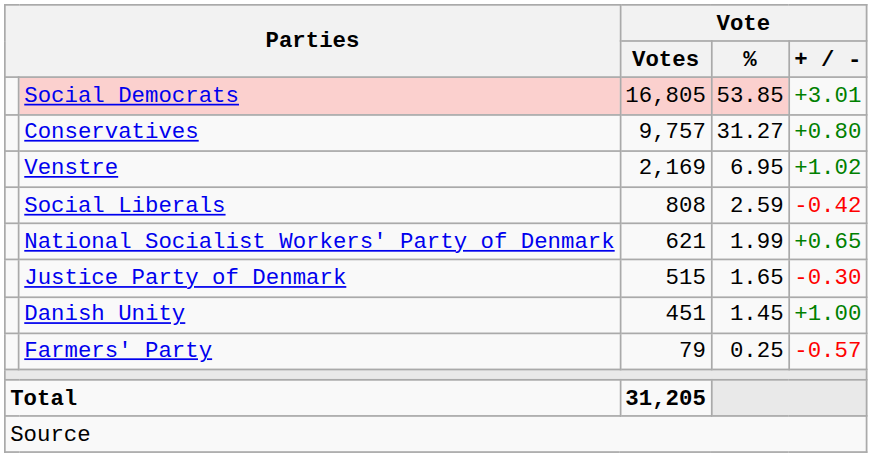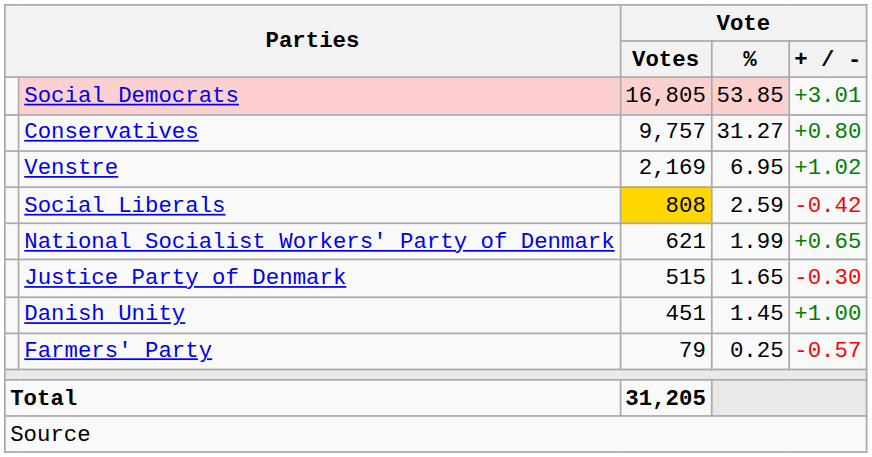 <table class="wikitable" style="text-align:right;">
 <tr>
 <th style="text-align:centre;" rowspan="2" colspan="2" width="225">Parties</th>
 <th colspan="3">Vote</th>
 </tr>
 <tr>
 <th width="15">Votes</th>
 <th width="15">%</th>
 <th width="15">+ / -</th>
 </tr>
 <tr>
 <td width="2" style="color:inherit;background:"></td>
 <td bgcolor=#fbd0ce  align="left"><a href='#'>Social Democrats</a></td>
 <td bgcolor=#fbd0ce>16,805</td>
 <td bgcolor=#fbd0ce>53.85</td>
 <td style=color:green;>+3.01</td>
 </tr>
 <tr>
 <td width="2" style="color:inherit;background:"></td>
 <td align="left"><a href='#'>Conservatives</a></td>
 <td>9,757</td>
 <td>31.27</td>
 <td style=color:green;>+0.80</td>
 </tr>
 <tr>
 <td width="2" style="color:inherit;background:"></td>
 <td align="left"><a href='#'>Venstre</a></td>
 <td>2,169</td>
 <td>6.95</td>
 <td style=color:green;>+1.02</td>
 </tr>
 <tr>
 <td width="2" style="color:inherit;background:"></td>
 <td align="left"><a href='#'>Social Liberals</a></td>
-<td>808</td>
+<td style="background: gold;">808</td>
 <td>2.59</td>
 <td style=color:red;>-0.42</td>
 </tr>
 <tr>
 <td width="2" style="color:inherit;background:"></td>
 <td align="left"><a href='#'>National Socialist Workers' Party of Denmark</a></td>
 <td>621</td>
 <td>1.99</td>
 <td style=color:green;>+0.65</td>
 </tr>
 <tr>
 <td width="2" style="color:inherit;background:"></td>
 <td align="left"><a href='#'>Justice Party of Denmark</a></td>
 <td>515</td>
 <td>1.65</td>
 <td style=color:red;>-0.30</td>
 </tr>
 <tr>
 <td width="2" style="color:inherit;background:"></td>
 <td align="left"><a href='#'>Danish Unity</a></td>
 <td>451</td>
 <td>1.45</td>
 <td style=color:green;>+1.00</td>
 </tr>
 <tr>
 <td width="2" style="color:inherit;background:"></td>
 <td align="left"><a href='#'>Farmers' Party</a></td>
 <td>79</td>
 <td>0.25</td>
 <td style=color:red;>-0.57</td>
 </tr>
 <tr>
 <td colspan="7" bgcolor="#E9E9E9"></td>
 </tr>
 <tr>
 <td align="left" colspan="2"><strong>Total</strong></td>
 <td><strong>31,205</strong></td>
 <td bgcolor="#E9E9E9" colspan="2"></td>
 </tr>
 <tr>
 <td align="left" colspan="6">Source</td>
 </tr>
 </table>
